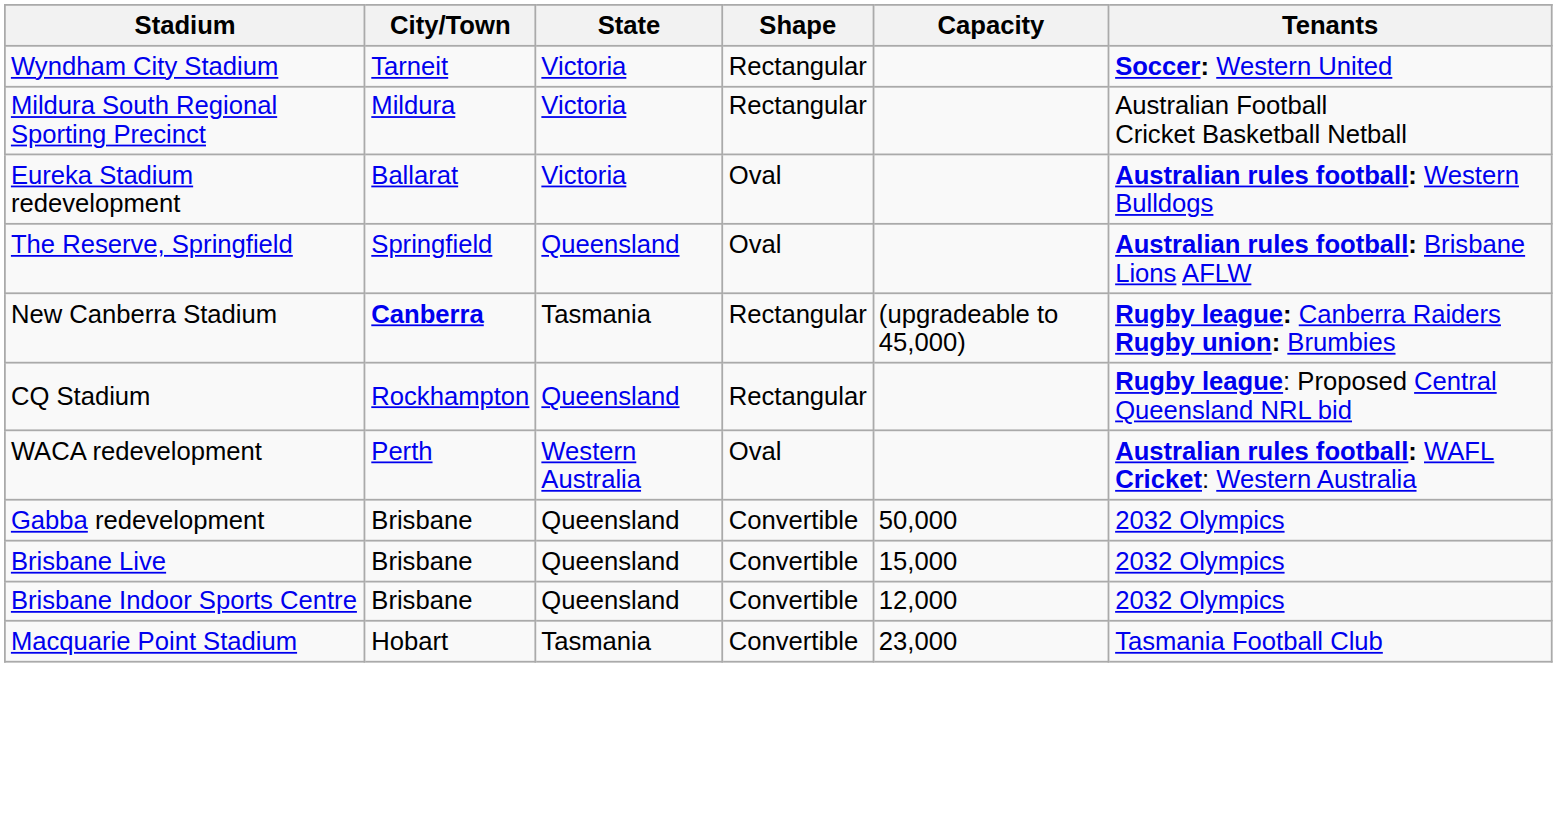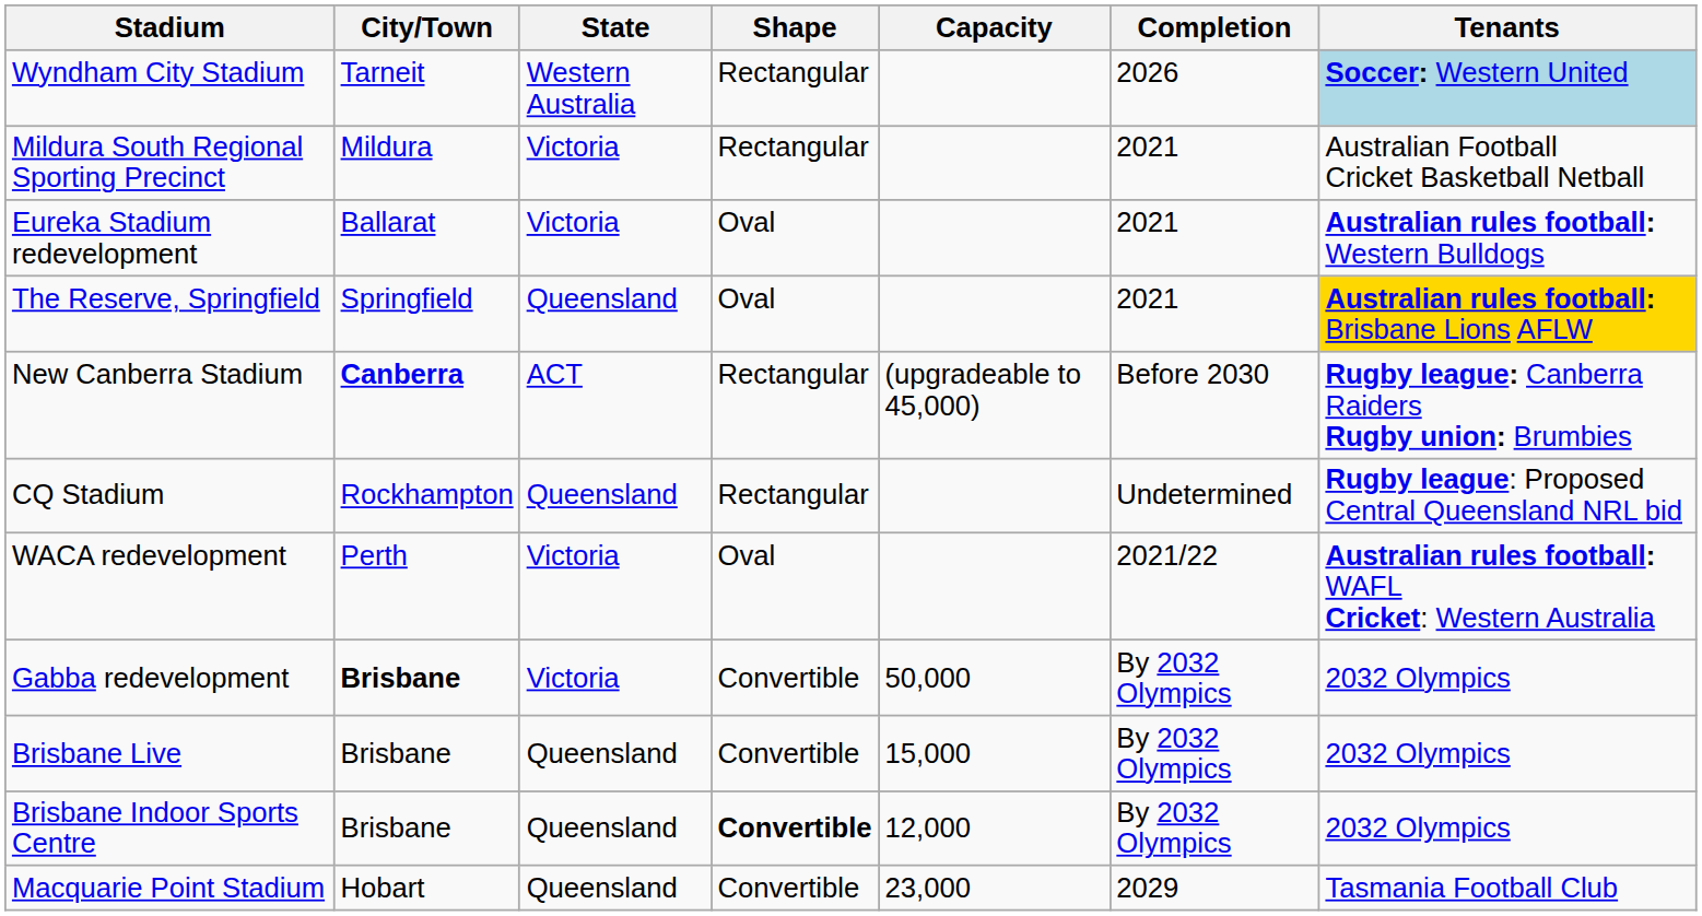 <table class="wikitable sortable" style="font-size:90%;">
 <tr>
 <th>Stadium</th>
 <th>City/Town</th>
 <th>State</th>
 <th>Shape</th>
 <th>Capacity</th>
+<th>Completion</th>
 <th>Tenants</th>
 </tr>
 <tr valign=top>
 <td><a href='#'>Wyndham City Stadium</a></td>
 <td><a href='#'>Tarneit</a></td>
-<td><a href='#'>Victoria</a></td>
+<td><a href='#'>Western Australia</a></td>
 <td>Rectangular</td>
 <td></td>
-<td><strong><a href='#'>Soccer</a>:</strong> <a href='#'>Western United</a></td>
+<td>2026</td>
+<td style="background: lightblue;"><strong><a href='#'>Soccer</a>:</strong> <a href='#'>Western United</a></td>
 </tr>
 <tr valign=top>
 <td><a href='#'>Mildura South Regional Sporting Precinct</a></td>
 <td><a href='#'>Mildura</a></td>
 <td><a href='#'>Victoria</a></td>
 <td>Rectangular</td>
 <td></td>
+<td>2021</td>
 <td>Australian Football<br>Cricket Basketball Netball</td>
 </tr>
 <tr valign=top>
 <td><a href='#'>Eureka Stadium</a> redevelopment</td>
 <td><a href='#'>Ballarat</a></td>
 <td><a href='#'>Victoria</a></td>
 <td>Oval</td>
 <td></td>
+<td>2021</td>
 <td><strong><a href='#'>Australian rules football</a>:</strong> <a href='#'>Western Bulldogs</a></td>
 </tr>
 <tr valign=top>
 <td><a href='#'>The Reserve, Springfield</a></td>
 <td><a href='#'>Springfield</a></td>
 <td><a href='#'>Queensland</a></td>
 <td>Oval</td>
 <td></td>
-<td><strong><a href='#'>Australian rules football</a>:</strong> <a href='#'>Brisbane Lions</a> <a href='#'>AFLW</a></td>
+<td>2021</td>
+<td style="background: gold;"><strong><a href='#'>Australian rules football</a>:</strong> <a href='#'>Brisbane Lions</a> <a href='#'>AFLW</a></td>
 </tr>
 <tr valign=top>
 <td>New Canberra Stadium</td>
 <td><strong><a href='#'>Canberra</a></strong></td>
-<td>Tasmania</td>
+<td><a href='#'>ACT</a></td>
 <td>Rectangular</td>
 <td> (upgradeable to 45,000)</td>
+<td>Before 2030</td>
 <td><strong><a href='#'>Rugby league</a>:</strong> <a href='#'>Canberra Raiders</a> <br> <strong><a href='#'>Rugby union</a>:</strong> <a href='#'>Brumbies</a></td>
 </tr>
 <tr>
 <td>CQ Stadium</td>
 <td><a href='#'>Rockhampton</a></td>
 <td><a href='#'>Queensland</a></td>
 <td>Rectangular</td>
 <td></td>
+<td>Undetermined</td>
 <td><strong><a href='#'>Rugby league</a></strong>: Proposed <a href='#'>Central Queensland NRL bid</a></td>
 </tr>
 <tr valign=top>
 <td>WACA redevelopment</td>
 <td><a href='#'>Perth</a></td>
-<td><a href='#'>Western Australia</a></td>
+<td><a href='#'>Victoria</a></td>
 <td>Oval</td>
 <td></td>
+<td>2021/22</td>
 <td><strong><a href='#'>Australian rules football</a>:</strong> <a href='#'>WAFL</a><br> <strong><a href='#'>Cricket</a></strong>: <a href='#'>Western Australia</a></td>
 </tr>
 <tr>
 <td><a href='#'>Gabba</a> redevelopment</td>
-<td>Brisbane</td>
-<td>Queensland</td>
+<td><strong>Brisbane</strong></td>
+<td><a href='#'>Victoria</a></td>
 <td>Convertible</td>
 <td>50,000</td>
+<td>By <a href='#'>2032 Olympics</a></td>
 <td><a href='#'>2032 Olympics</a></td>
 </tr>
 <tr>
 <td><a href='#'>Brisbane Live</a></td>
 <td>Brisbane</td>
 <td>Queensland</td>
 <td>Convertible</td>
 <td>15,000</td>
+<td>By <a href='#'>2032 Olympics</a></td>
 <td><a href='#'>2032 Olympics</a></td>
 </tr>
 <tr>
 <td><a href='#'>Brisbane Indoor Sports Centre</a></td>
 <td>Brisbane</td>
 <td>Queensland</td>
-<td>Convertible</td>
+<td><strong>Convertible</strong></td>
 <td>12,000</td>
+<td>By <a href='#'>2032 Olympics</a></td>
 <td><a href='#'>2032 Olympics</a></td>
 </tr>
 <tr>
 <td><a href='#'>Macquarie Point Stadium</a></td>
 <td>Hobart</td>
-<td>Tasmania</td>
+<td>Queensland</td>
 <td>Convertible</td>
 <td>23,000</td>
+<td>2029</td>
 <td><a href='#'>Tasmania Football Club</a></td>
 </tr>
 </table>
